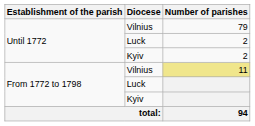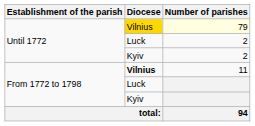 <table class="wikitable" style="font-size: 80%; float:right; margin: 0 0 1em 1em;">
 <tr>
 <th>Establishment of the parish</th>
 <th>Diocese</th>
 <th>Number of parishes</th>
 </tr>
 <tr>
 <td rowspan="3">Until 1772</td>
-<td>Vilnius</td>
-<td style="text-align:right">79</td>
+<td style="background: gold;">Vilnius</td>
+<td style="background: lightyellow; text-align:right">79</td>
 </tr>
 <tr>
 <td>Luck</td>
 <td style="text-align:right">2</td>
 </tr>
 <tr>
 <td>Kyiv</td>
 <td style="text-align:right">2</td>
 </tr>
 <tr>
 <td rowspan="3">From 1772 to 1798</td>
-<td>Vilnius</td>
-<td style="background: khaki; text-align:right">11</td>
+<td><strong>Vilnius</strong></td>
+<td style="text-align:right">11</td>
 </tr>
 <tr>
 <td>Luck</td>
 <th></th>
 </tr>
 <tr>
 <td>Kyiv</td>
 <th></th>
 </tr>
 <tr>
 <th colspan="2" style="text-align:right">total:</th>
 <th style="text-align:right">94</th>
 </tr>
 </table>
